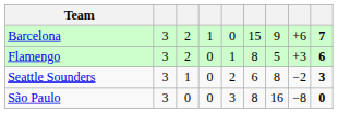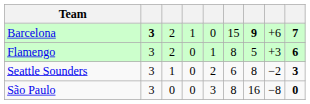 <table class="wikitable" style="text-align: center;">
 <tr>
 <th width="175">Team</th>
 <th width="20"></th>
 <th width="20"></th>
 <th width="20"></th>
 <th width="20"></th>
 <th width="20"></th>
 <th width="20"></th>
 <th width="20"></th>
 <th width="20"></th>
 </tr>
 <tr style="background-color: #ccffcc;">
 <td align=left> <a href='#'>Barcelona</a></td>
-<td>3</td>
+<td><strong>3</strong></td>
 <td>2</td>
 <td>1</td>
 <td>0</td>
 <td>15</td>
-<td>9</td>
+<td><strong>9</strong></td>
 <td>+6</td>
 <td><strong>7</strong></td>
 </tr>
 <tr style="background-color: #ccffcc;">
 <td align=left> <a href='#'>Flamengo</a></td>
 <td>3</td>
 <td>2</td>
 <td>0</td>
 <td>1</td>
 <td>8</td>
 <td>5</td>
 <td>+3</td>
 <td><strong>6</strong></td>
 </tr>
 <tr>
 <td align=left> <a href='#'>Seattle Sounders</a></td>
 <td>3</td>
 <td>1</td>
 <td>0</td>
 <td>2</td>
 <td>6</td>
 <td>8</td>
 <td>−2</td>
 <td><strong>3</strong></td>
 </tr>
 <tr>
 <td align=left> <a href='#'>São Paulo</a></td>
 <td>3</td>
 <td>0</td>
 <td>0</td>
 <td>3</td>
 <td>8</td>
 <td>16</td>
 <td>−8</td>
 <td><strong>0</strong></td>
 </tr>
 </table>
